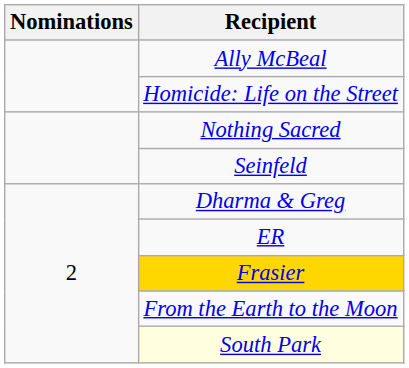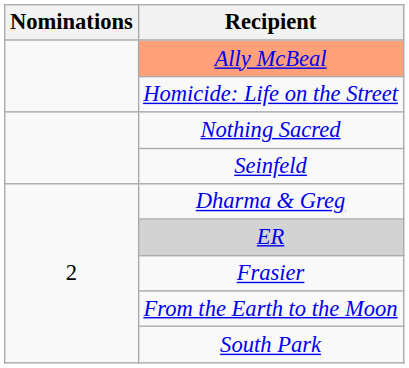 <table class="wikitable sortable" style="text-align: center">
 <tr>
 <th scope="col" style="width:55px;">Nominations</th>
 <th scope="col" style="text-align:center;">Recipient</th>
 </tr>
 <tr>
 <td rowspan="2"></td>
-<td><em><a href='#'>Ally McBeal</a></em></td>
+<td style="background: lightsalmon;"><em><a href='#'>Ally McBeal</a></em></td>
 </tr>
 <tr>
 <td><em><a href='#'>Homicide: Life on the Street</a></em></td>
 </tr>
 <tr>
 <td rowspan="2"></td>
 <td><em><a href='#'>Nothing Sacred</a></em></td>
 </tr>
 <tr>
 <td><em><a href='#'>Seinfeld</a></em></td>
 </tr>
 <tr>
 <td rowspan="5" style="text-align:center">2</td>
 <td><em><a href='#'>Dharma & Greg</a></em></td>
 </tr>
 <tr>
-<td><em><a href='#'>ER</a></em></td>
+<td style="background: lightgrey;"><em><a href='#'>ER</a></em></td>
 </tr>
 <tr>
-<td style="background: gold;"><em><a href='#'>Frasier</a></em></td>
+<td><em><a href='#'>Frasier</a></em></td>
 </tr>
 <tr>
 <td><em><a href='#'>From the Earth to the Moon</a></em></td>
 </tr>
 <tr>
-<td style="background: lightyellow;"><em><a href='#'>South Park</a></em></td>
+<td><em><a href='#'>South Park</a></em></td>
 </tr>
 </table>
